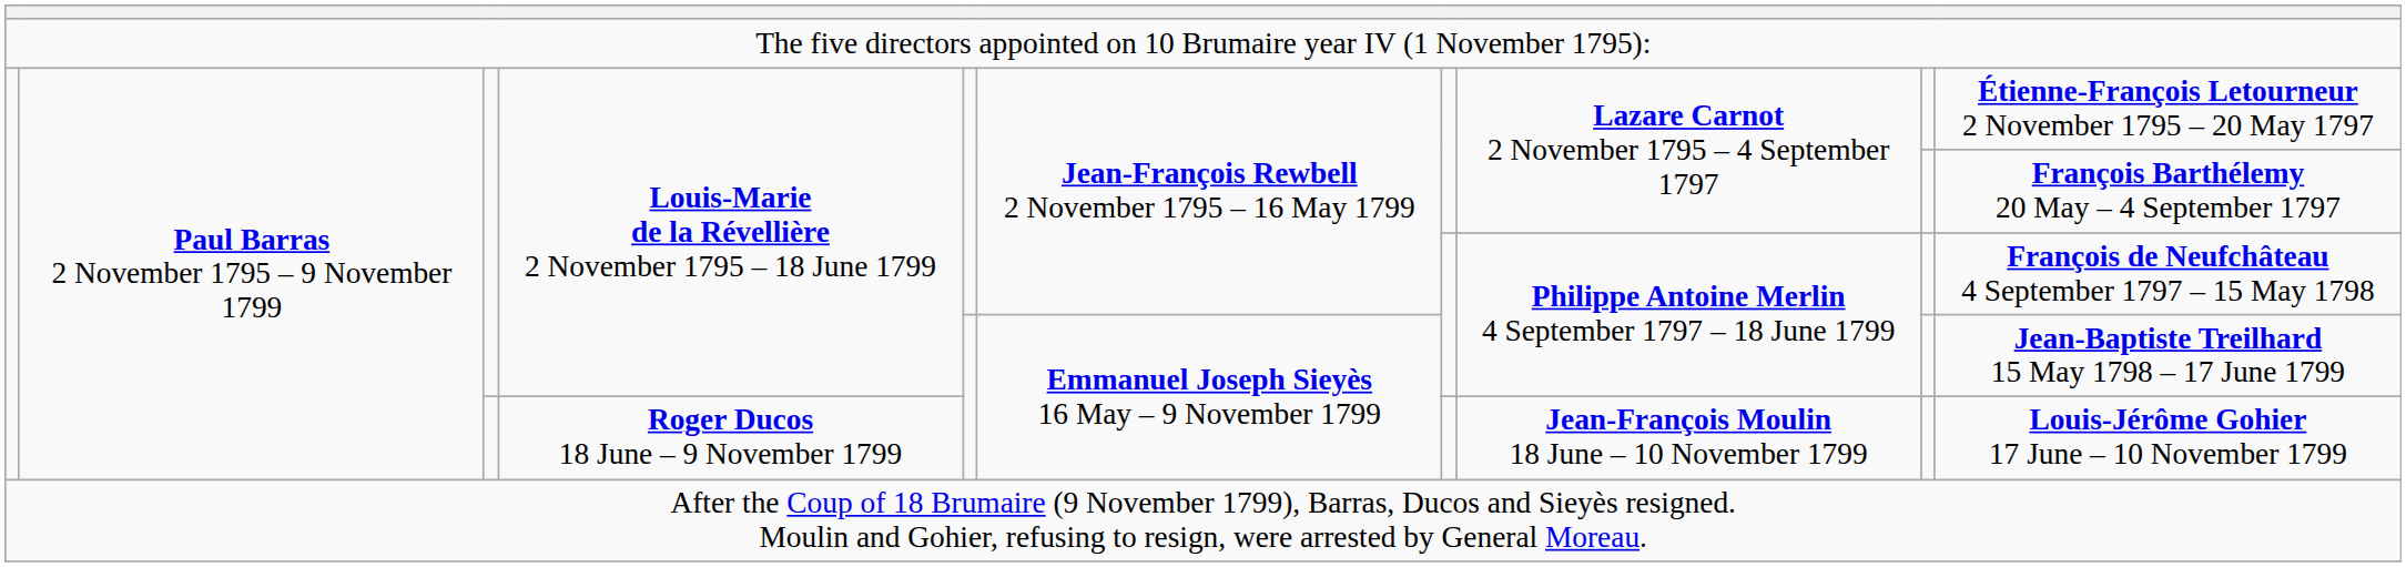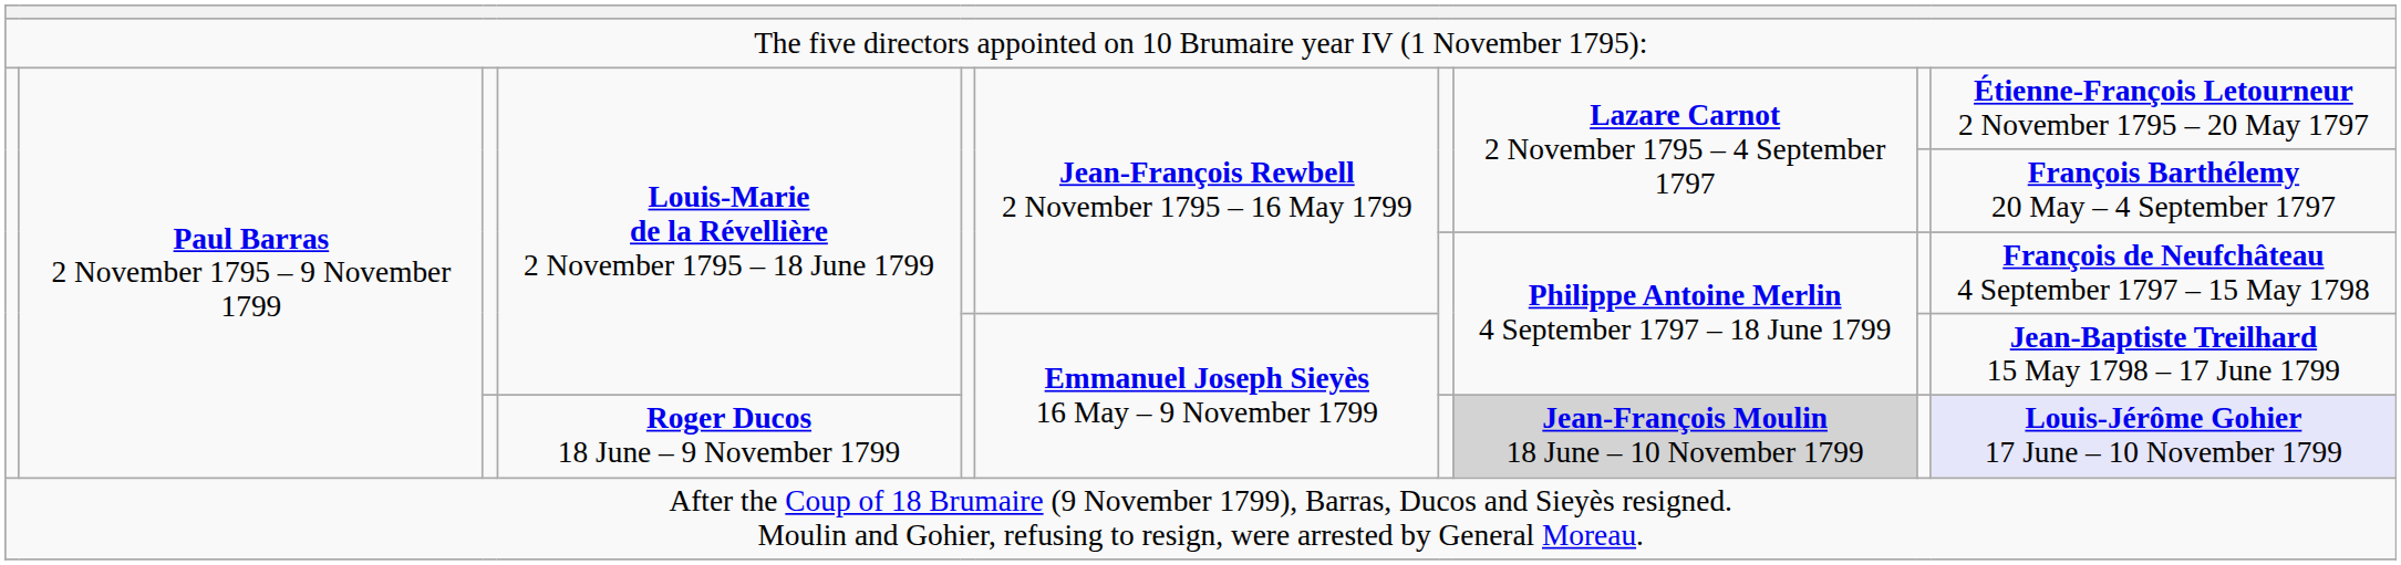 <table class="wikitable alternance" style="text-align:center;" width=100%>
 <tr>
 <th colspan=10></th>
 </tr>
 <tr>
 <td colspan=10>The five directors appointed on 10 Brumaire year IV (1 November 1795):</td>
 </tr>
 <tr>
 <td rowspan=6 style="background:"></td>
 <td width=20% rowspan=6><strong><a href='#'>Paul Barras</a></strong><br><span>2 November 1795</span> – <span>9 November 1799</span></td>
 <td rowspan=5 style="background:"></td>
 <td width=20% rowspan=5><strong><a href='#'>Louis-Marie<br>de la Révellière</a></strong><br><span>2 November 1795</span> – <span>18 June 1799</span></td>
 <td rowspan=4 style="background:"></td>
 <td width=20% rowspan=4><strong><a href='#'>Jean-François Rewbell</a></strong><br><span>2 November 1795</span> – <span>16 May 1799</span></td>
 <td rowspan=2 style="background:"></td>
 <td width=20% rowspan=2><strong><a href='#'>Lazare Carnot</a></strong><br><span>2 November 1795</span> – <span>4 September 1797</span></td>
 <td style="background:"></td>
 <td width=20%><strong><a href='#'>Étienne-François Letourneur</a></strong><br><span>2 November 1795</span> – <span>20 May 1797</span></td>
 </tr>
 <tr>
 <td style="background:"></td>
 <td><strong><a href='#'>François Barthélemy</a></strong><br><span>20 May</span> – <span>4 September 1797</span></td>
 </tr>
 <tr>
 <td rowspan=3 style="background:"></td>
 <td rowspan=3><strong><a href='#'>Philippe Antoine Merlin</a></strong><br><span>4 September 1797</span> – <span>18 June 1799</span></td>
 <td style="background:"></td>
 <td><strong><a href='#'>François de Neufchâteau</a></strong><br><span>4 September 1797</span> – <span>15 May 1798</span></td>
 </tr>
 <tr>
 <td rowspan=2 style="background:"></td>
 <td rowspan=2><strong><a href='#'>Jean-Baptiste Treilhard</a></strong><br><span>15 May 1798</span> – <span>17 June 1799</span></td>
 </tr>
 <tr>
 <td rowspan=2 style="background:"></td>
 <td rowspan=2><strong><a href='#'>Emmanuel Joseph Sieyès</a></strong><br><span>16 May</span> – <span>9 November 1799</span></td>
 </tr>
 <tr>
 <td style="background:"></td>
 <td><strong><a href='#'>Roger Ducos</a></strong><br><span>18 June</span> – <span>9 November 1799</span></td>
 <td style="background:"></td>
-<td><strong><a href='#'>Jean-François Moulin</a></strong><br><span>18 June</span> – <span>10 November 1799</span></td>
+<td style="background: lightgrey;"><strong><a href='#'>Jean-François Moulin</a></strong><br><span>18 June</span> – <span>10 November 1799</span></td>
 <td style="background:"></td>
-<td><strong><a href='#'>Louis-Jérôme Gohier</a></strong><br><span>17 June</span> – <span>10 November 1799</span></td>
+<td style="background: lavender;"><strong><a href='#'>Louis-Jérôme Gohier</a></strong><br><span>17 June</span> – <span>10 November 1799</span></td>
 </tr>
 <tr>
 <td colspan=10>After the <a href='#'>Coup of 18 Brumaire</a> (9 November 1799), Barras, Ducos and Sieyès resigned.<br>Moulin and Gohier, refusing to resign, were arrested by General <a href='#'>Moreau</a>.</td>
 </tr>
 </table>
